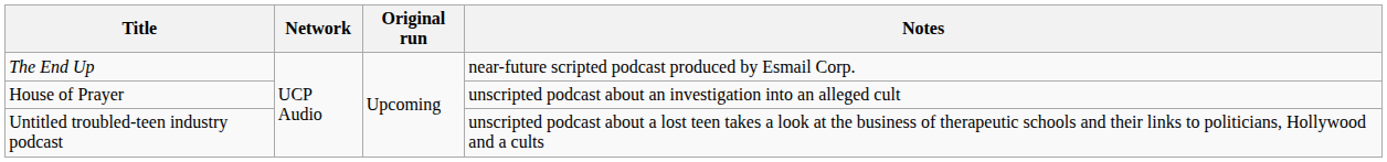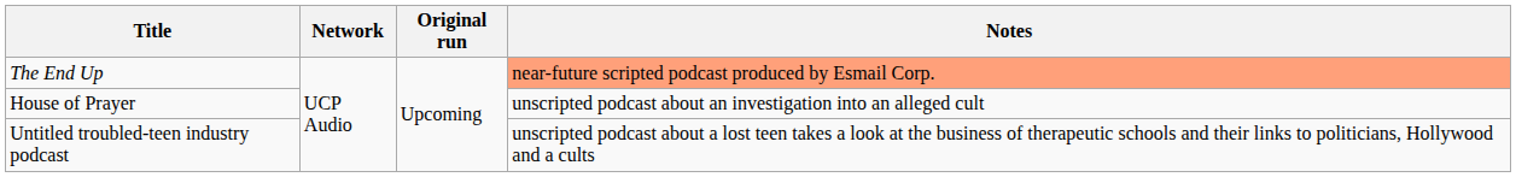 <table class="wikitable sortable">
 <tr>
 <th>Title</th>
 <th>Network</th>
 <th>Original run</th>
 <th>Notes</th>
 </tr>
 <tr>
 <td><em>The End Up</em></td>
 <td rowspan=3>UCP Audio</td>
 <td rowspan=3>Upcoming</td>
-<td>near-future scripted podcast produced by Esmail Corp.</td>
+<td style="background: lightsalmon;">near-future scripted podcast produced by Esmail Corp.</td>
 </tr>
 <tr>
 <td>House of Prayer</td>
 <td>unscripted podcast about an investigation into an alleged cult</td>
 </tr>
 <tr>
 <td>Untitled troubled-teen industry podcast</td>
 <td>unscripted podcast about a lost teen takes a look at the business of therapeutic schools and their links to politicians, Hollywood and a cults</td>
 </tr>
 </table>
